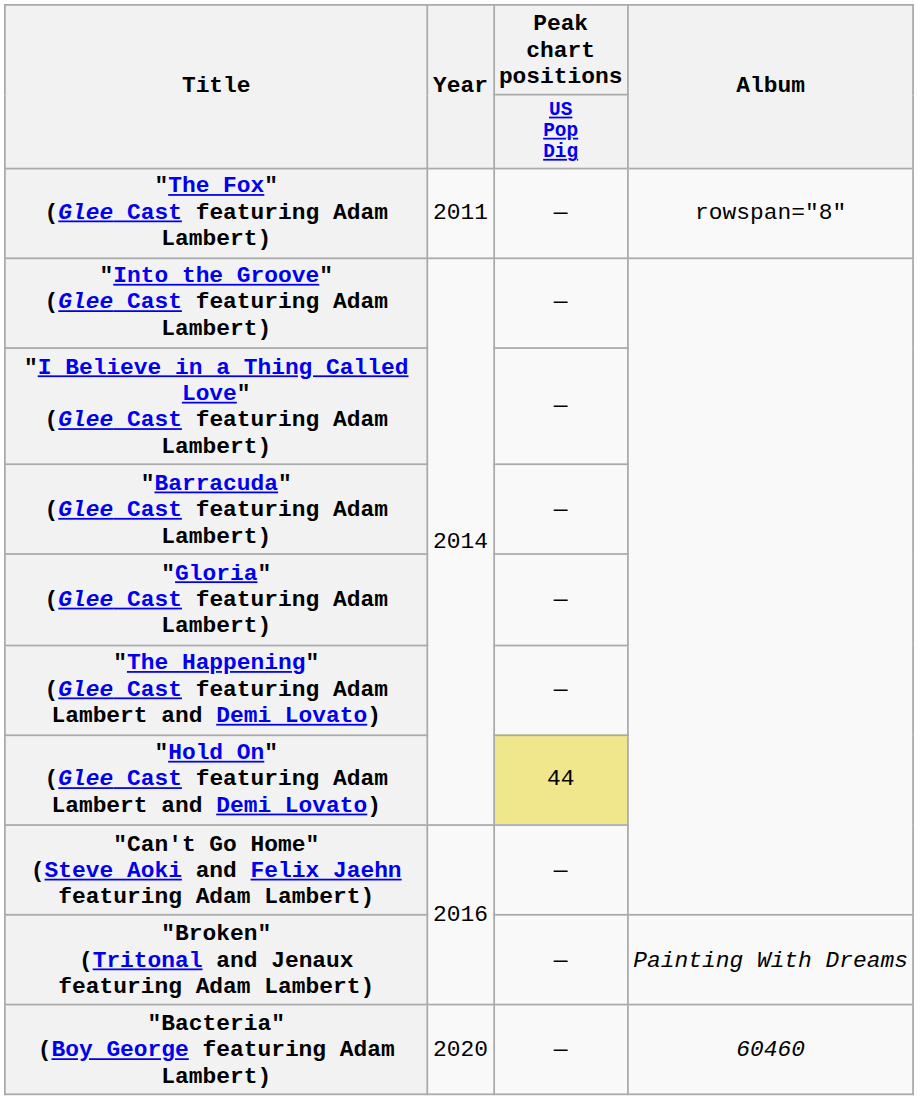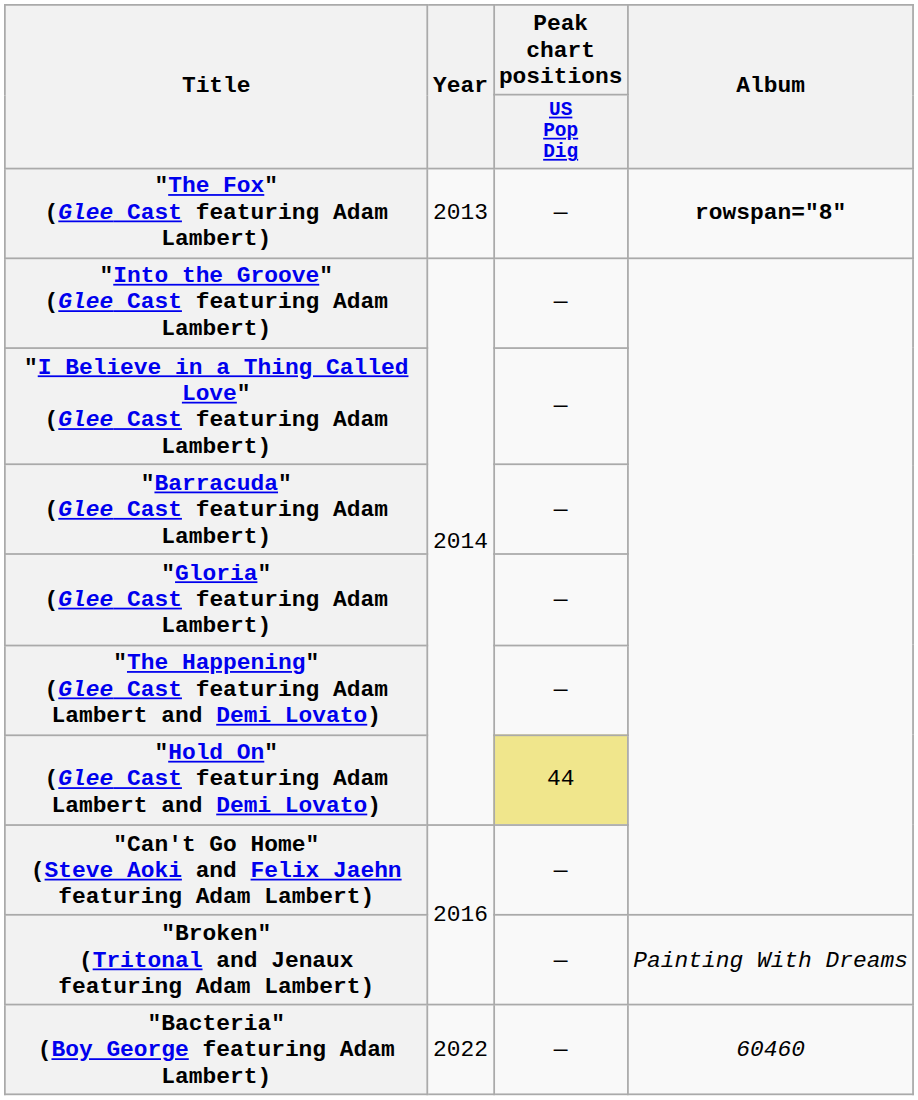 <table class="wikitable plainrowheaders" style="text-align:center;">
 <tr>
 <th scope="colw" rowspan="2" style="width:18em;">Title</th>
 <th scope="col" rowspan="2">Year</th>
 <th scope="col" colspan="1">Peak chart positions</th>
 <th scope="col" rowspan="2">Album</th>
 </tr>
 <tr>
 <th scope="col" style="width:3em;font-size:85%;"><a href='#'>US<br>Pop<br>Dig</a><br></th>
 </tr>
 <tr>
 <th scope="row">"<a href='#'>The Fox</a>"<br><span>(<a href='#'><em>Glee</em> Cast</a> featuring Adam Lambert)</span></th>
-<td>2011</td>
+<td>2013</td>
 <td>—</td>
-<td>rowspan="8" </td>
+<td><strong>rowspan="8" </strong></td>
 </tr>
 <tr>
 <th scope="row">"<a href='#'>Into the Groove</a>"<br><span>(<a href='#'><em>Glee</em> Cast</a> featuring Adam Lambert)</span></th>
 <td rowspan="6">2014</td>
 <td>—</td>
 </tr>
 <tr>
 <th scope="row">"<a href='#'>I Believe in a Thing Called Love</a>"<br><span>(<a href='#'><em>Glee</em> Cast</a> featuring Adam Lambert)</span></th>
 <td>—</td>
 </tr>
 <tr>
 <th scope="row">"<a href='#'>Barracuda</a>"<br><span>(<a href='#'><em>Glee</em> Cast</a> featuring Adam Lambert)</span></th>
 <td>—</td>
 </tr>
 <tr>
 <th scope="row">"<a href='#'>Gloria</a>"<br><span>(<a href='#'><em>Glee</em> Cast</a> featuring Adam Lambert)</span></th>
 <td>—</td>
 </tr>
 <tr>
 <th scope="row">"<a href='#'>The Happening</a>"<br><span>(<a href='#'><em>Glee</em> Cast</a> featuring Adam Lambert and <a href='#'>Demi Lovato</a>)</span></th>
 <td>—</td>
 </tr>
 <tr>
 <th scope="row">"<a href='#'>Hold On</a>"<br><span>(<a href='#'><em>Glee</em> Cast</a> featuring Adam Lambert and <a href='#'>Demi Lovato</a>)</span></th>
 <td style="background: khaki;">44</td>
 </tr>
 <tr>
 <th scope="row">"Can't Go Home"<br><span>(<a href='#'>Steve Aoki</a> and <a href='#'>Felix Jaehn</a> featuring Adam Lambert)</span></th>
 <td rowspan="2">2016</td>
 <td>—</td>
 </tr>
 <tr>
 <th scope="row">"Broken"<br><span>(<a href='#'>Tritonal</a> and Jenaux featuring Adam Lambert)</span></th>
 <td>—</td>
 <td><em>Painting With Dreams</em></td>
 </tr>
 <tr>
 <th scope="row">"Bacteria"<br><span>(<a href='#'>Boy George</a>  featuring Adam Lambert)</span></th>
-<td>2020</td>
+<td>2022</td>
 <td>—</td>
 <td><em>60460</em></td>
 </tr>
 </table>
